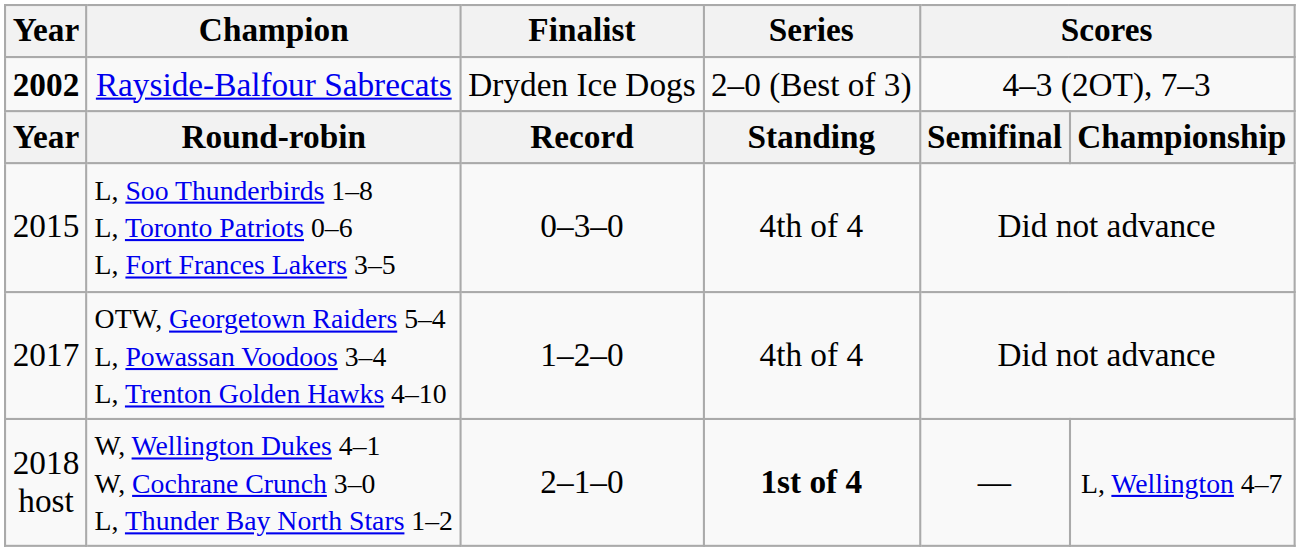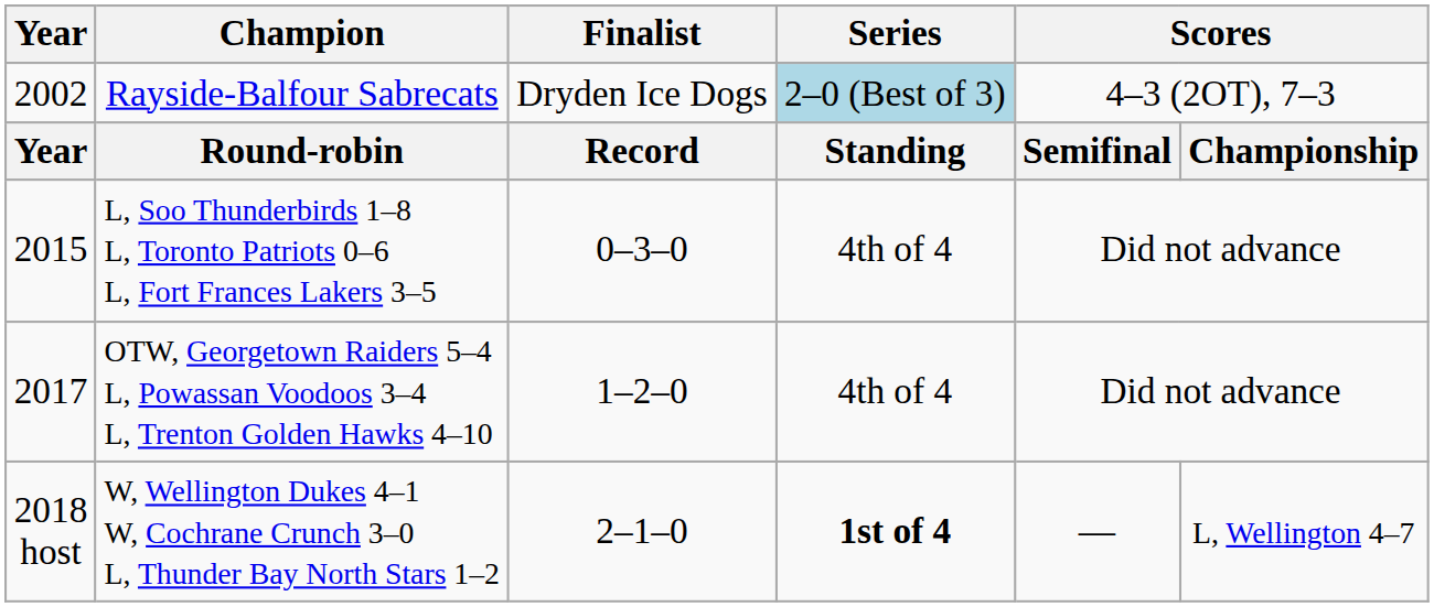 <table class="wikitable" style="text-align:center">
 <tr>
 <th>Year</th>
 <th>Champion</th>
 <th>Finalist</th>
 <th>Series</th>
 <th colspan=2>Scores</th>
 </tr>
 <tr>
-<td><strong>2002</strong></td>
+<td>2002</td>
 <td><a href='#'>Rayside-Balfour Sabrecats</a></td>
 <td>Dryden Ice Dogs</td>
-<td>2–0 (Best of 3)</td>
+<td style="background: lightblue;">2–0 (Best of 3)</td>
 <td colspan=2>4–3 (2OT), 7–3</td>
 </tr>
 <tr>
 <th>Year</th>
 <th>Round-robin</th>
 <th>Record</th>
 <th>Standing</th>
 <th>Semifinal</th>
 <th>Championship</th>
 </tr>
 <tr>
 <td>2015</td>
 <td align=left><small>L, <a href='#'>Soo Thunderbirds</a> 1–8<br>L, <a href='#'>Toronto Patriots</a> 0–6<br>L, <a href='#'>Fort Frances Lakers</a> 3–5</small></td>
 <td>0–3–0</td>
 <td>4th of 4</td>
 <td colspan=2>Did not advance</td>
 </tr>
 <tr>
 <td>2017</td>
 <td align=left><small>OTW, <a href='#'>Georgetown Raiders</a> 5–4<br>L, <a href='#'>Powassan Voodoos</a> 3–4<br>L, <a href='#'>Trenton Golden Hawks</a> 4–10</small></td>
 <td>1–2–0</td>
 <td>4th of 4</td>
 <td colspan=2>Did not advance</td>
 </tr>
 <tr>
 <td>2018<br>host</td>
 <td align=left><small>W, <a href='#'>Wellington Dukes</a> 4–1<br>W, <a href='#'>Cochrane Crunch</a> 3–0<br>L, <a href='#'>Thunder Bay North Stars</a> 1–2</small></td>
 <td>2–1–0</td>
 <td><strong>1st of 4</strong></td>
 <td>—</td>
 <td><small>L, <a href='#'>Wellington</a> 4–7</small></td>
 </tr>
 </table>
